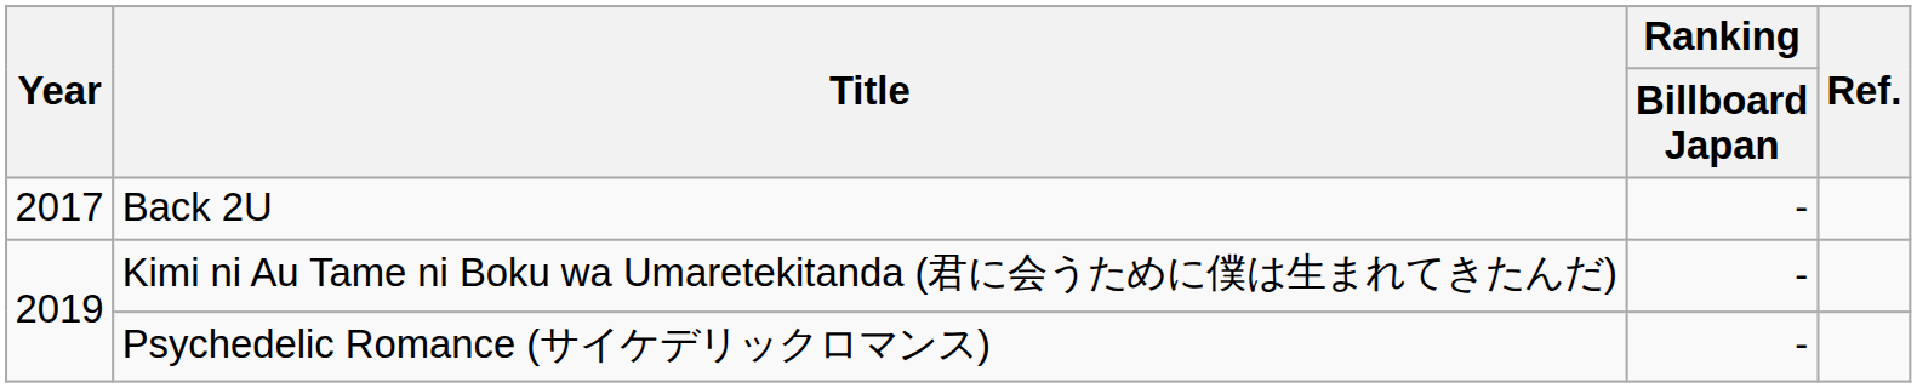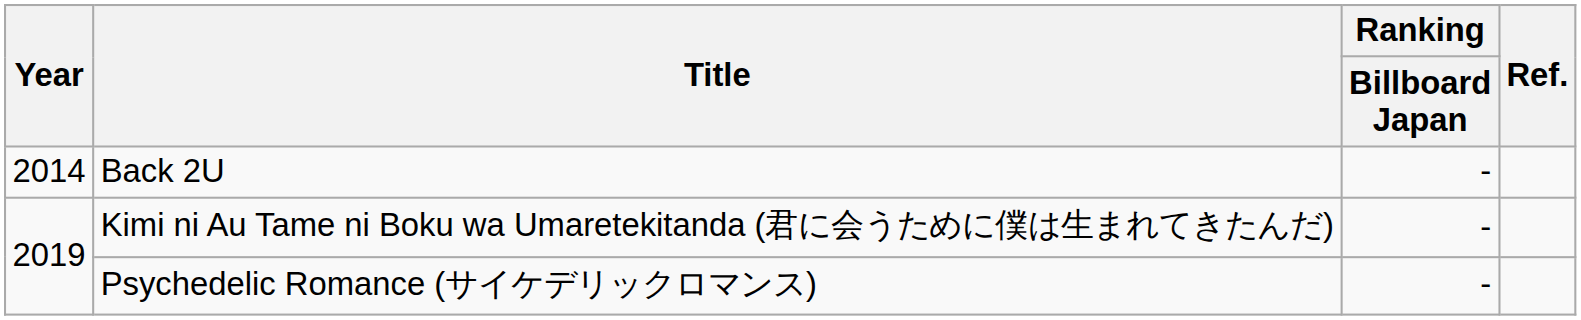 <table class="wikitable">
 <tr>
 <th rowspan="2">Year</th>
 <th rowspan="2">Title</th>
 <th>Ranking</th>
 <th rowspan="2">Ref.</th>
 </tr>
 <tr>
 <th>Billboard<br>Japan</th>
 </tr>
 <tr>
-<td>2017</td>
+<td>2014</td>
 <td>Back 2U</td>
 <td align="right">-</td>
 <td></td>
 </tr>
 <tr>
 <td rowspan="2">2019</td>
 <td>Kimi ni Au Tame ni Boku wa Umaretekitanda (君に会うために僕は生まれてきたんだ)</td>
 <td align="right">-</td>
 <td></td>
 </tr>
 <tr>
 <td>Psychedelic Romance (サイケデリックロマンス)</td>
 <td align="right">-</td>
 <td></td>
 </tr>
 </table>
